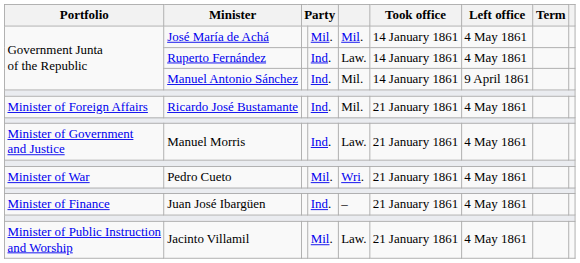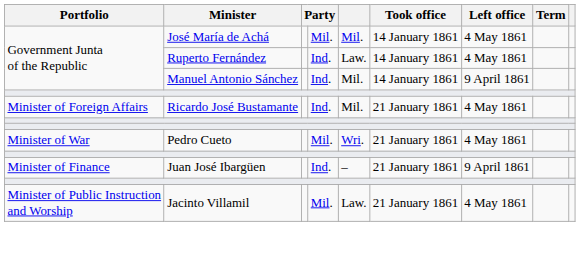 <table class="wikitable" style="font-size: 90%;">
 <tr>
 <th>Portfolio</th>
 <th>Minister</th>
 <th colspan="2">Party</th>
 <th></th>
 <th>Took office</th>
 <th>Left office</th>
 <th>Term</th>
 <th></th>
 </tr>
 <tr>
 <td rowspan=3>Government Junta<br>of the Republic</td>
 <td><a href='#'>José María de Achá</a></td>
 <td style="background-color:"></td>
 <td><a href='#'>Mil</a>.</td>
 <td><a href='#'>Mil</a>.</td>
 <td>14 January 1861</td>
 <td>4 May 1861</td>
 <td></td>
 <td></td>
 </tr>
 <tr>
 <td><a href='#'>Ruperto Fernández</a></td>
 <td style="background-color:"></td>
 <td><a href='#'>Ind</a>.</td>
 <td>Law.</td>
 <td>14 January 1861</td>
 <td>4 May 1861</td>
 <td></td>
 <td></td>
 </tr>
 <tr>
 <td><a href='#'>Manuel Antonio Sánchez</a></td>
 <td style="background-color:"></td>
 <td><a href='#'>Ind</a>.</td>
 <td>Mil.</td>
 <td>14 January 1861</td>
 <td>9 April 1861</td>
 <td></td>
 <td></td>
 </tr>
 <tr>
 <td colspan="9" bgcolor="#EAECF0"></td>
 </tr>
 <tr>
 <td><a href='#'>Minister of Foreign Affairs</a></td>
 <td><a href='#'>Ricardo José Bustamante</a></td>
 <td style="background-color:"></td>
 <td><a href='#'>Ind</a>.</td>
 <td>Mil.</td>
 <td>21 January 1861</td>
 <td>4 May 1861</td>
 <td></td>
 <td></td>
 </tr>
 <tr>
 <td colspan="9" bgcolor="#EAECF0"></td>
 </tr>
 <tr>
-<td><a href='#'>Minister of Government<br>and Justice</a></td>
-<td>Manuel Morris</td>
-<td style="background-color:"></td>
-<td><a href='#'>Ind</a>.</td>
-<td>Law.</td>
-<td>21 January 1861</td>
-<td>4 May 1861</td>
-<td></td>
-<td></td>
-</tr>
-<tr>
 <td colspan="9" bgcolor="#EAECF0"></td>
 </tr>
 <tr>
 <td><a href='#'>Minister of War</a></td>
 <td>Pedro Cueto</td>
 <td style="background-color:"></td>
 <td><a href='#'>Mil</a>.</td>
 <td><a href='#'>Wri</a>.</td>
 <td>21 January 1861</td>
 <td>4 May 1861</td>
 <td></td>
 <td></td>
 </tr>
 <tr>
 <td colspan="9" bgcolor="#EAECF0"></td>
 </tr>
 <tr>
 <td><a href='#'>Minister of Finance</a></td>
 <td>Juan José Ibargüen</td>
 <td style="background-color:"></td>
 <td><a href='#'>Ind</a>.</td>
 <td>–</td>
 <td>21 January 1861</td>
-<td>4 May 1861</td>
+<td>9 April 1861</td>
 <td></td>
 <td></td>
 </tr>
 <tr>
 <td colspan="9" bgcolor="#EAECF0"></td>
 </tr>
 <tr>
 <td><a href='#'>Minister of Public Instruction<br>and Worship</a></td>
 <td>Jacinto Villamil</td>
 <td style="background-color:"></td>
 <td><a href='#'>Mil</a>.</td>
 <td>Law.</td>
 <td>21 January 1861</td>
 <td>4 May 1861</td>
 <td></td>
 <td></td>
 </tr>
 </table>
